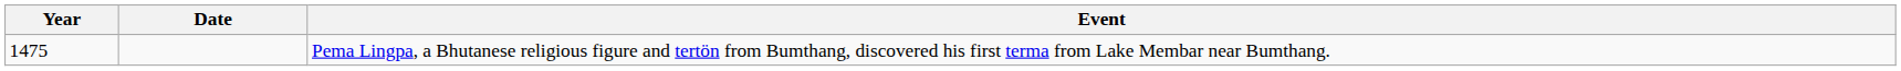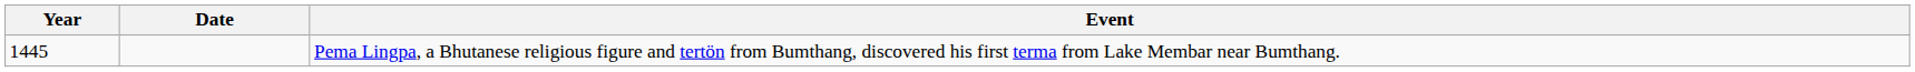 <table class="wikitable" width="100%">
 <tr>
 <th style="width:6%">Year</th>
 <th style="width:10%">Date</th>
 <th>Event</th>
 </tr>
 <tr>
-<td>1475</td>
+<td>1445</td>
 <td></td>
 <td><a href='#'>Pema Lingpa</a>, a Bhutanese religious figure and <a href='#'>tertön</a> from Bumthang, discovered his first <a href='#'>terma</a> from Lake Membar near Bumthang.</td>
 </tr>
 </table>
